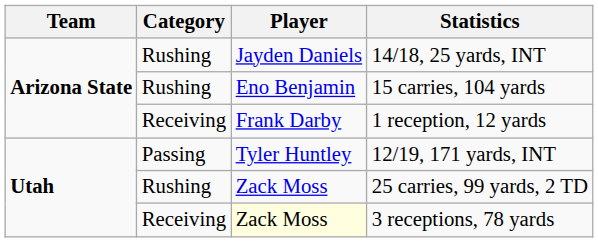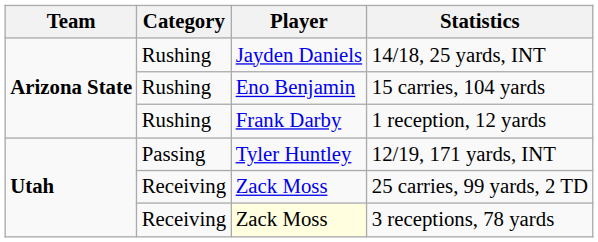 <table class="wikitable" style="float: right;">
 <tr>
 <th>Team</th>
 <th>Category</th>
 <th>Player</th>
 <th>Statistics</th>
 </tr>
 <tr>
 <td rowspan=3><strong>Arizona State</strong></td>
 <td>Rushing</td>
 <td><a href='#'>Jayden Daniels</a></td>
 <td>14/18, 25 yards, INT</td>
 </tr>
 <tr>
 <td>Rushing</td>
 <td><a href='#'>Eno Benjamin</a></td>
 <td>15 carries, 104 yards</td>
 </tr>
 <tr>
-<td>Receiving</td>
+<td>Rushing</td>
 <td><a href='#'>Frank Darby</a></td>
 <td>1 reception, 12 yards</td>
 </tr>
 <tr>
 <td rowspan=3><strong>Utah</strong></td>
 <td>Passing</td>
 <td><a href='#'>Tyler Huntley</a></td>
 <td>12/19, 171 yards, INT</td>
 </tr>
 <tr>
-<td>Rushing</td>
+<td>Receiving</td>
 <td><a href='#'>Zack Moss</a></td>
 <td>25 carries, 99 yards, 2 TD</td>
 </tr>
 <tr>
 <td>Receiving</td>
 <td style="background: lightyellow;">Zack Moss</td>
 <td>3 receptions, 78 yards</td>
 </tr>
 </table>
